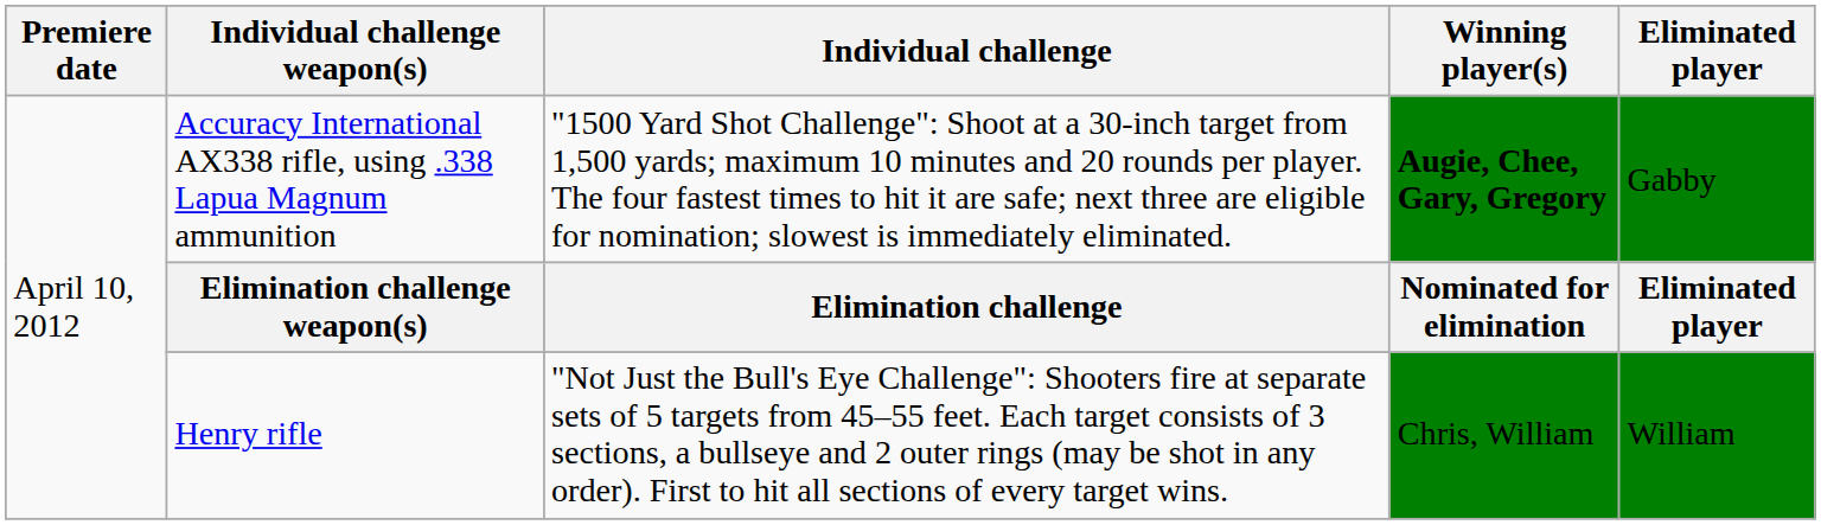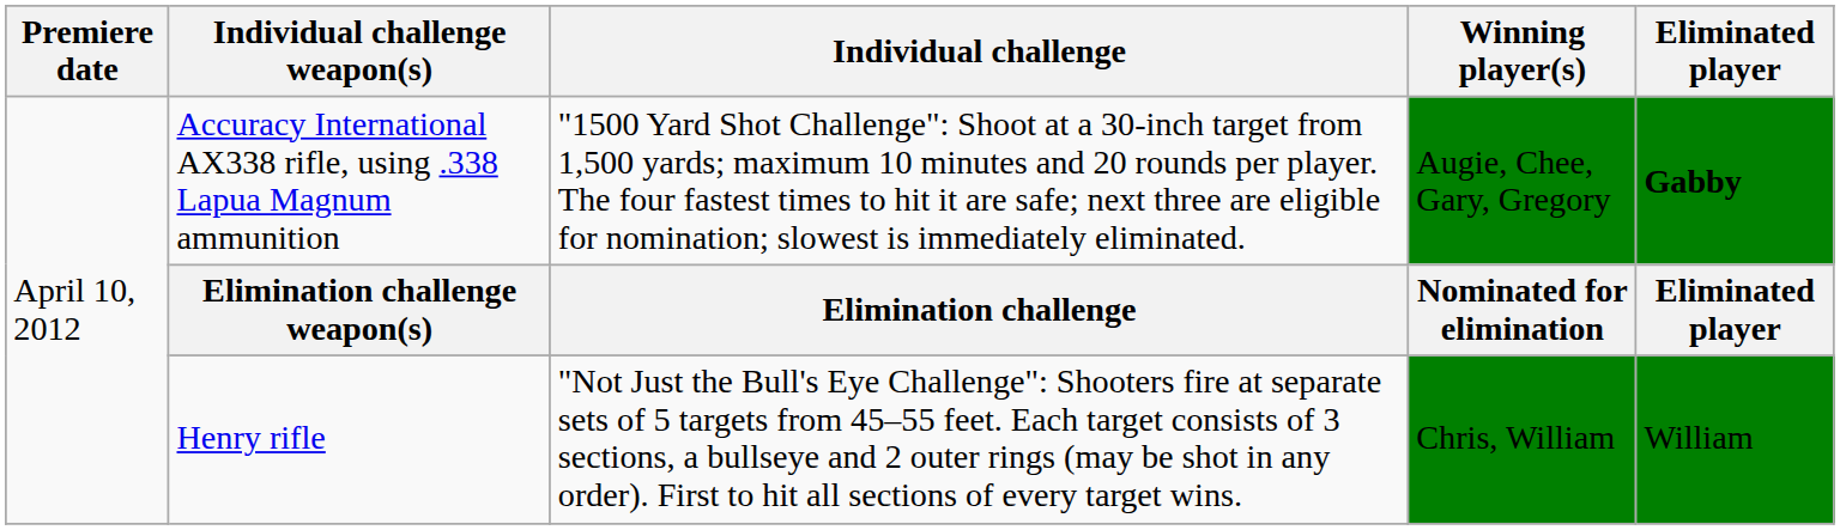 <table class="wikitable">
 <tr>
 <th>Premiere date</th>
 <th>Individual challenge weapon(s)</th>
 <th>Individual challenge</th>
 <th>Winning player(s)</th>
 <th>Eliminated player</th>
 </tr>
 <tr>
 <td rowspan="3">April 10, 2012</td>
 <td><a href='#'>Accuracy International</a> AX338 rifle, using <a href='#'>.338 Lapua Magnum</a> ammunition</td>
 <td>"1500 Yard Shot Challenge": Shoot at a 30-inch target from 1,500 yards; maximum 10 minutes and 20 rounds per player. The four fastest times to hit it are safe; next three are eligible for nomination; slowest is immediately eliminated.</td>
-<td bgcolor="green"><strong><span>Augie, Chee, Gary, Gregory</span></strong></td>
-<td bgcolor="green"><span>Gabby</span></td>
+<td bgcolor="green"><span>Augie, Chee, Gary, Gregory</span></td>
+<td bgcolor="green"><strong><span>Gabby</span></strong></td>
 </tr>
 <tr>
 <th>Elimination challenge weapon(s)</th>
 <th>Elimination challenge</th>
 <th>Nominated for elimination</th>
 <th>Eliminated player</th>
 </tr>
 <tr>
 <td><a href='#'>Henry rifle</a></td>
 <td>"Not Just the Bull's Eye Challenge": Shooters fire at separate sets of 5 targets from 45–55 feet. Each target consists of 3 sections, a bullseye and 2 outer rings (may be shot in any order). First to hit all sections of every target wins.</td>
 <td bgcolor="green"><span>Chris, William</span></td>
 <td bgcolor="green"><span>William</span></td>
 </tr>
 </table>
